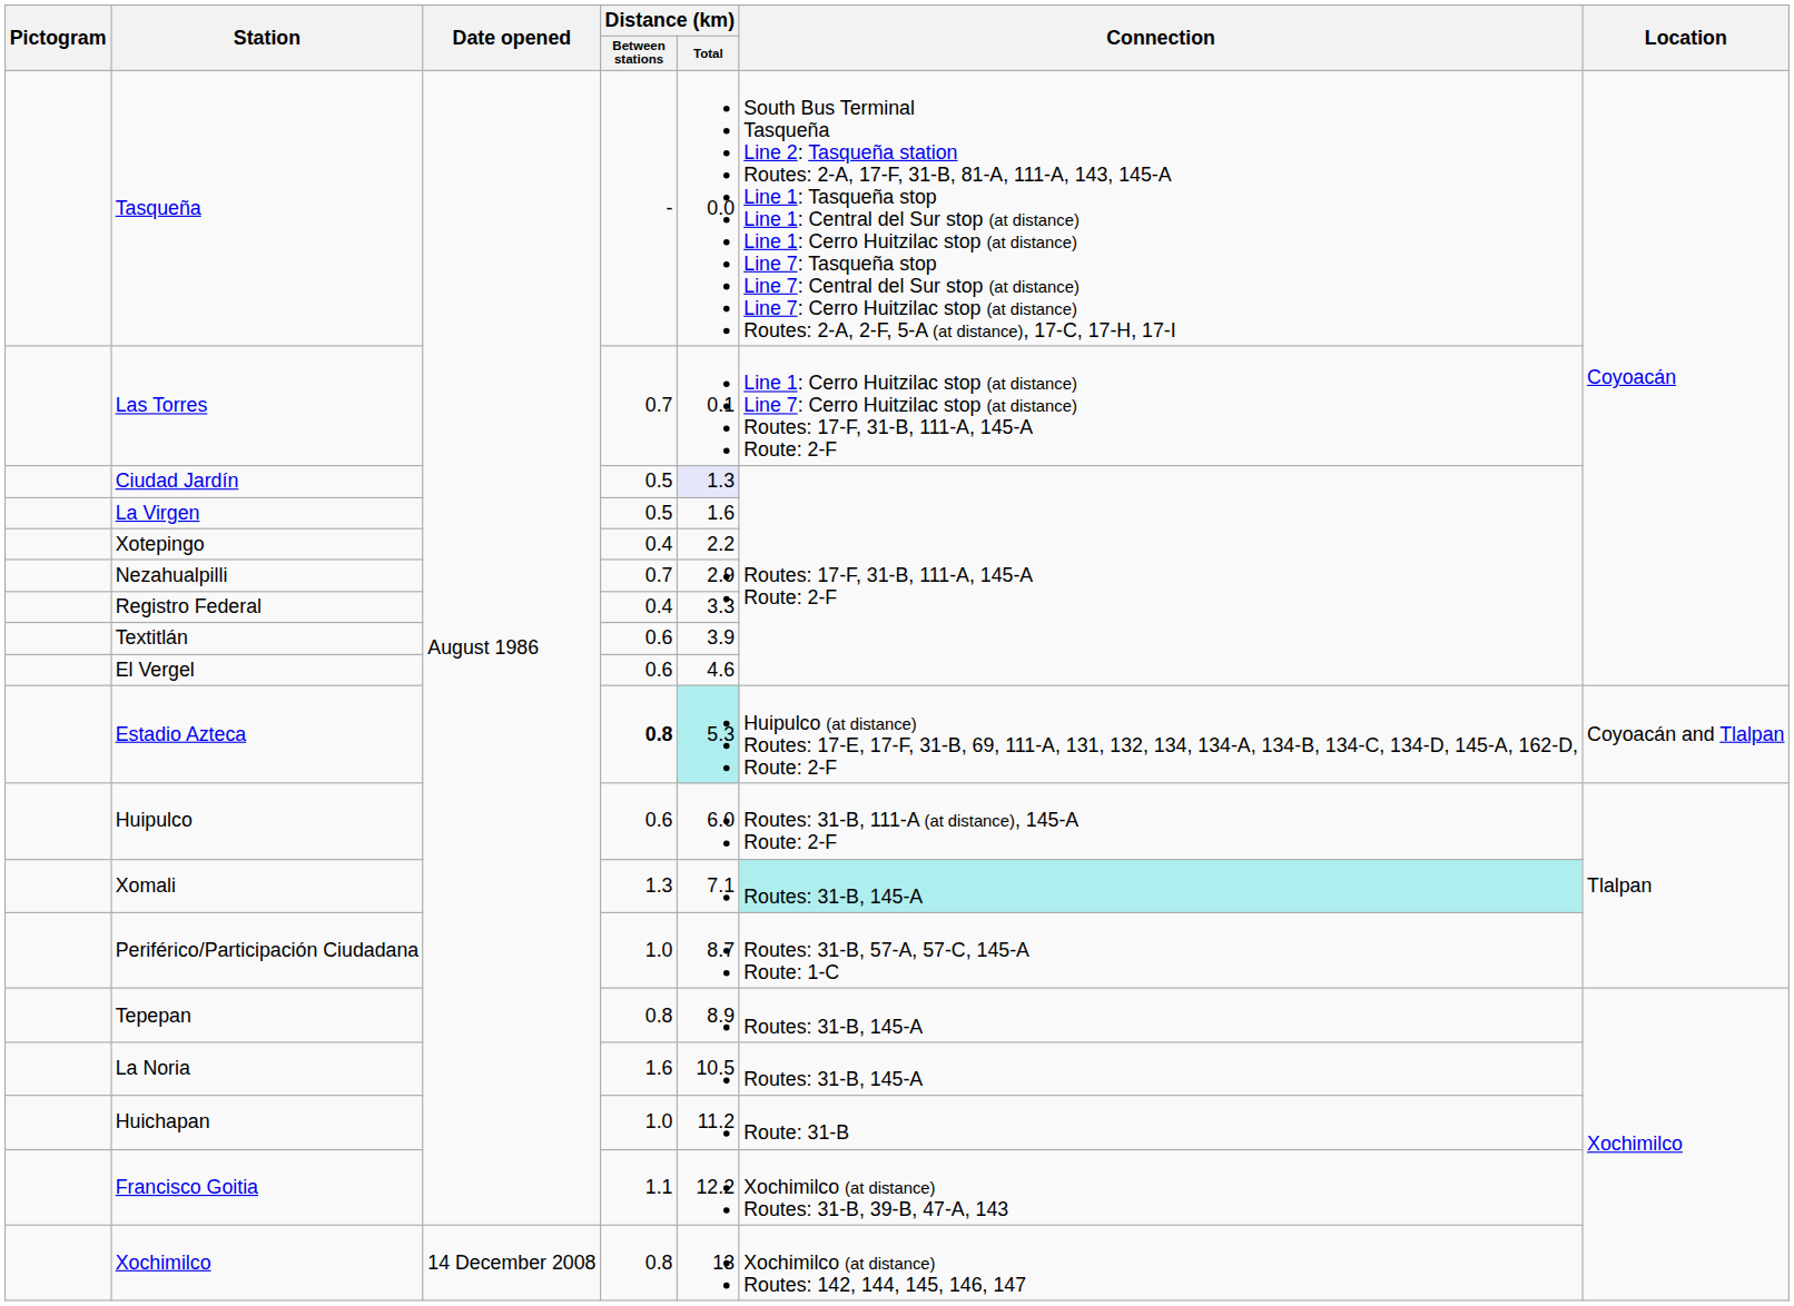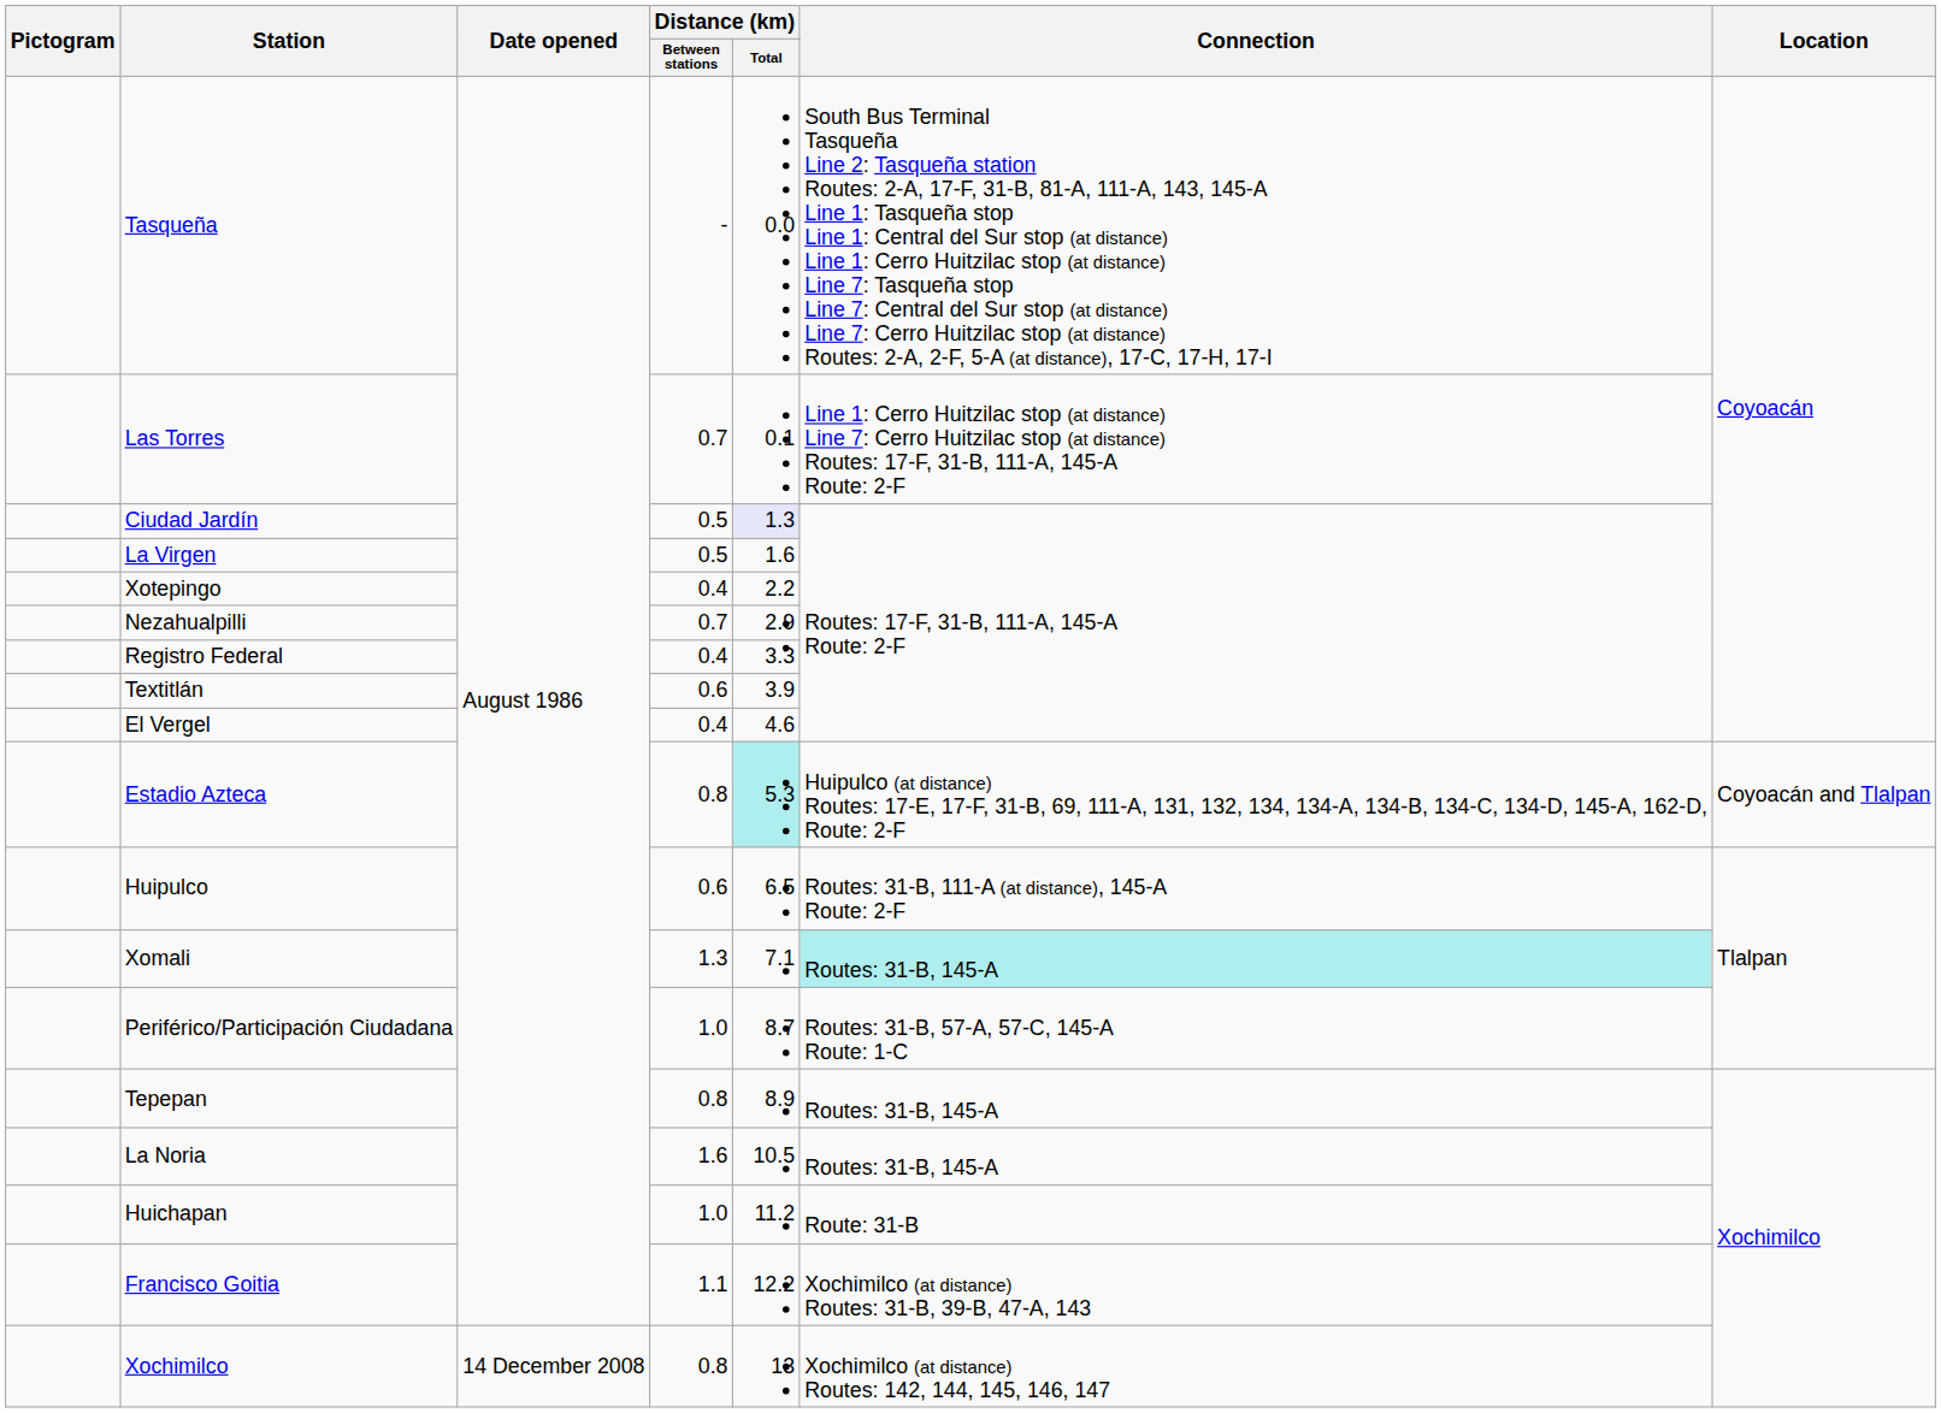 <table class="wikitable" rules="all">
 <tr>
 <th rowspan="2">Pictogram</th>
 <th rowspan="2">Station</th>
 <th rowspan="2">Date opened</th>
 <th colspan="2">Distance (km)</th>
 <th rowspan="2">Connection</th>
 <th rowspan="2">Location</th>
 </tr>
 <tr>
 <th style="font-size: 65%;">Between<br>stations</th>
 <th style="font-size: 65%;">Total</th>
 </tr>
 <tr>
 <td></td>
 <td> <a href='#'>Tasqueña</a> </td>
 <td rowspan="17">August 1986</td>
 <td style="text-align:right;">-</td>
 <td style="text-align:right;">0.0</td>
 <td><br><li> South Bus Terminal <li> Tasqueña <li>  <a href='#'>Line 2</a>: <a href='#'>Tasqueña station</a> <li> Routes: 2-A, 17-F, 31-B, 81-A, 111-A, 143, 145-A <li>  <a href='#'>Line 1</a>: Tasqueña stop <li>  <a href='#'>Line 1</a>: Central del Sur stop <small>(at distance)</small> <li>  <a href='#'>Line 1</a>: Cerro Huitzilac stop <small>(at distance)</small><br><li>  <a href='#'>Line 7</a>: Tasqueña stop<br><li>  <a href='#'>Line 7</a>: Central del Sur stop <small>(at distance)</small><br><li>  <a href='#'>Line 7</a>: Cerro Huitzilac stop <small>(at distance)</small><li> Routes: 2-A, 2-F, 5-A <small>(at distance)</small>, 17-C, 17-H, 17-I</td>
 <td rowspan=9><a href='#'>Coyoacán</a></td>
 </tr>
 <tr>
 <td></td>
 <td> <a href='#'>Las Torres</a></td>
 <td style="text-align:right;">0.7</td>
 <td style="text-align:right;">0.1</td>
 <td><br><li>  <a href='#'>Line 1</a>: Cerro Huitzilac stop <small>(at distance)</small> <li>  <a href='#'>Line 7</a>: Cerro Huitzilac stop <small>(at distance)</small><br><li> Routes: 17-F, 31-B, 111-A, 145-A<br><li> Route: 2-F</td>
 </tr>
 <tr>
 <td></td>
 <td> <a href='#'>Ciudad Jardín</a></td>
 <td style="text-align:right;">0.5</td>
 <td style="background: lavender; text-align:right;">1.3</td>
 <td rowspan="7"><br><li> Routes: 17-F, 31-B, 111-A, 145-A <li> Route: 2-F</td>
 </tr>
 <tr>
 <td></td>
 <td> <a href='#'>La Virgen</a></td>
 <td style="text-align:right;">0.5</td>
 <td style="text-align:right;">1.6</td>
 </tr>
 <tr>
 <td></td>
 <td> Xotepingo</td>
 <td style="text-align:right;">0.4</td>
 <td style="text-align:right;">2.2</td>
 </tr>
 <tr>
 <td></td>
 <td> Nezahualpilli</td>
 <td style="text-align:right;">0.7</td>
 <td style="text-align:right;">2.9</td>
 </tr>
 <tr>
 <td></td>
 <td> Registro Federal</td>
 <td style="text-align:right;">0.4</td>
 <td style="text-align:right;">3.3</td>
 </tr>
 <tr>
 <td></td>
 <td> Textitlán</td>
 <td style="text-align:right;">0.6</td>
 <td style="text-align:right;">3.9</td>
 </tr>
 <tr>
 <td></td>
 <td> El Vergel</td>
-<td style="text-align:right;">0.6</td>
+<td style="text-align:right;">0.4</td>
 <td style="text-align:right;">4.6</td>
 </tr>
 <tr>
 <td></td>
 <td> <a href='#'>Estadio Azteca</a></td>
-<td style="text-align:right;"><strong>0.8</strong></td>
+<td style="text-align:right;">0.8</td>
 <td style="background: paleturquoise; text-align:right;">5.3</td>
 <td><br><li> Huipulco <small>(at distance)</small> <li> Routes: 17-E, 17-F, 31-B, 69, 111-A, 131, 132, 134, 134-A, 134-B, 134-C, 134-D, 145-A, 162-D, <li> Route: 2-F</td>
 <td>Coyoacán and <a href='#'>Tlalpan</a></td>
 </tr>
 <tr>
 <td></td>
 <td> Huipulco </td>
 <td style="text-align:right;">0.6</td>
-<td style="text-align:right;">6.0</td>
+<td style="text-align:right;">6.5</td>
 <td><br><li> Routes: 31-B, 111-A <small>(at distance)</small>, 145-A <li> Route: 2-F</td>
 <td rowspan=3>Tlalpan</td>
 </tr>
 <tr>
 <td></td>
 <td> Xomali </td>
 <td style="text-align:right;">1.3</td>
 <td style="text-align:right;">7.1</td>
 <td style="background: paleturquoise;"><br><li> Routes: 31-B, 145-A</td>
 </tr>
 <tr>
 <td></td>
 <td> Periférico/Participación Ciudadana</td>
 <td style="text-align:right;">1.0</td>
 <td style="text-align:right;">8.7</td>
 <td><br><li> Routes: 31-B, 57-A, 57-C, 145-A <li> Route: 1-C</td>
 </tr>
 <tr>
 <td></td>
 <td> Tepepan</td>
 <td style="text-align:right;">0.8</td>
 <td style="text-align:right;">8.9</td>
 <td><br><li> Routes: 31-B, 145-A</td>
 <td rowspan=5><a href='#'>Xochimilco</a></td>
 </tr>
 <tr>
 <td></td>
 <td> La Noria </td>
 <td style="text-align:right;">1.6</td>
 <td style="text-align:right;">10.5</td>
 <td><br><li> Routes: 31-B, 145-A</td>
 </tr>
 <tr>
 <td></td>
 <td> Huichapan </td>
 <td style="text-align:right;">1.0</td>
 <td style="text-align:right;">11.2</td>
 <td><br><li> Route: 31-B</td>
 </tr>
 <tr>
 <td></td>
 <td> <a href='#'>Francisco Goitia</a> </td>
 <td style="text-align:right;">1.1</td>
 <td style="text-align:right;">12.2</td>
 <td><br><li> Xochimilco <small>(at distance)</small><li> Routes: 31-B, 39-B, 47-A, 143</td>
 </tr>
 <tr>
 <td></td>
 <td> <a href='#'>Xochimilco</a> </td>
 <td>14 December 2008</td>
 <td style="text-align:right;">0.8</td>
 <td style="text-align:right;">13</td>
 <td><br><li> Xochimilco <small>(at distance)</small> <li> Routes: 142, 144, 145, 146, 147</td>
 </tr>
 </table>
